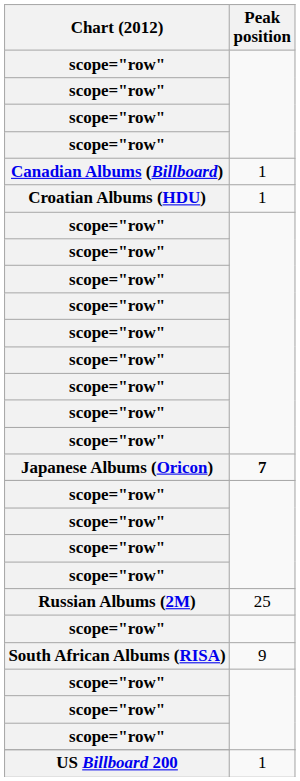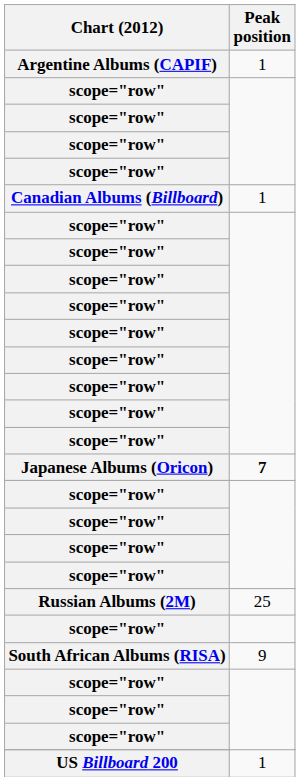 <table class="wikitable sortable plainrowheaders">
 <tr>
 <th scope="col">Chart (2012)</th>
 <th scope="col">Peak<br>position</th>
+</tr>
+<tr>
+<th scope="row">Argentine Albums (<a href='#'>CAPIF</a>)</th>
+<td style="text-align:center;">1</td>
 </tr>
 <tr>
 <th>scope="row" </th>
 </tr>
 <tr>
 <th>scope="row" </th>
 </tr>
 <tr>
 <th>scope="row" </th>
 </tr>
 <tr>
 <th>scope="row" </th>
 </tr>
 <tr>
 <th scope="row"><a href='#'>Canadian Albums</a> (<em><a href='#'>Billboard</a></em>)</th>
-<td style="text-align:center;">1</td>
-</tr>
-<tr>
-<th scope="row">Croatian Albums (<a href='#'>HDU</a>)</th>
 <td style="text-align:center;">1</td>
 </tr>
 <tr>
 <th>scope="row" </th>
 </tr>
 <tr>
 <th>scope="row" </th>
 </tr>
 <tr>
 <th>scope="row" </th>
 </tr>
 <tr>
 <th>scope="row" </th>
 </tr>
 <tr>
 <th>scope="row" </th>
 </tr>
 <tr>
 <th>scope="row" </th>
 </tr>
 <tr>
 <th>scope="row" </th>
 </tr>
 <tr>
 <th>scope="row" </th>
 </tr>
 <tr>
 <th>scope="row" </th>
 </tr>
 <tr>
 <th scope="row">Japanese Albums (<a href='#'>Oricon</a>)</th>
 <td style="text-align:center;"><strong>7</strong></td>
 </tr>
 <tr>
 </tr>
 <tr>
 <th>scope="row" </th>
 </tr>
 <tr>
 <th>scope="row" </th>
 </tr>
 <tr>
 <th>scope="row" </th>
 </tr>
 <tr>
 <th>scope="row" </th>
 </tr>
 <tr>
 <th scope="row">Russian Albums (<a href='#'>2M</a>)</th>
 <td style="text-align:center;">25</td>
 </tr>
 <tr>
 <th>scope="row" </th>
 </tr>
 <tr>
 <th scope="row">South African Albums (<a href='#'>RISA</a>)</th>
 <td style="text-align:center;">9</td>
 </tr>
 <tr>
 <th>scope="row" </th>
 </tr>
 <tr>
 <th>scope="row" </th>
 </tr>
 <tr>
 <th>scope="row" </th>
 </tr>
 <tr>
 </tr>
 <tr>
 <th scope="row">US <a href='#'><em>Billboard</em> 200</a></th>
 <td style="text-align:center;">1</td>
 </tr>
 </table>
